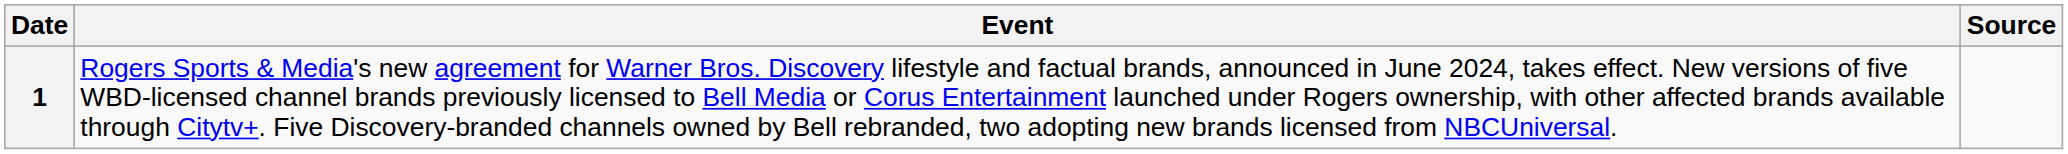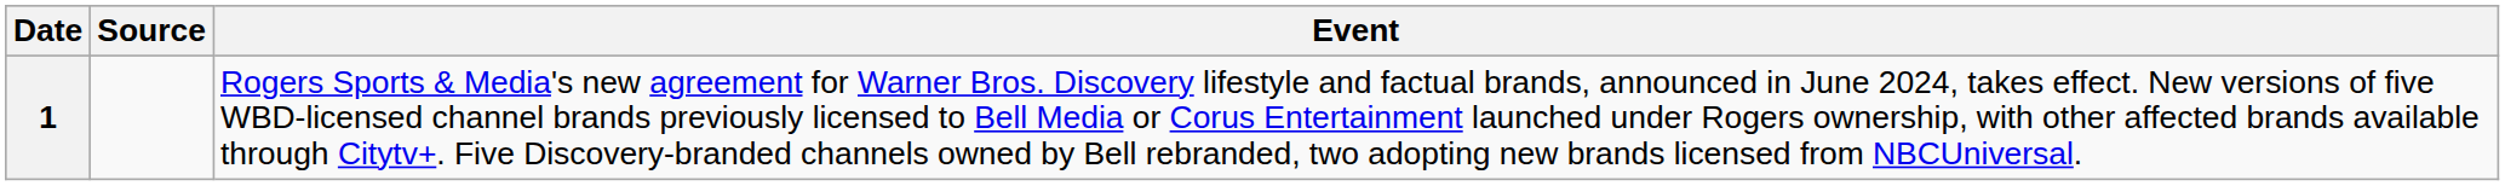 <table class="wikitable">
 <tr>
 <th>Date</th>
+<th>Source</th>
 <th>Event</th>
-<th>Source</th>
 </tr>
 <tr>
 <th>1</th>
+<td></td>
 <td><a href='#'>Rogers Sports & Media</a>'s new <a href='#'>agreement</a> for <a href='#'>Warner Bros. Discovery</a> lifestyle and factual brands, announced in June 2024, takes effect. New versions of five WBD-licensed channel brands previously licensed to <a href='#'>Bell Media</a> or <a href='#'>Corus Entertainment</a> launched under Rogers ownership, with other affected brands available through <a href='#'>Citytv+</a>. Five Discovery-branded channels owned by Bell rebranded, two adopting new brands licensed from <a href='#'>NBCUniversal</a>.</td>
-<td></td>
 </tr>
 </table>
